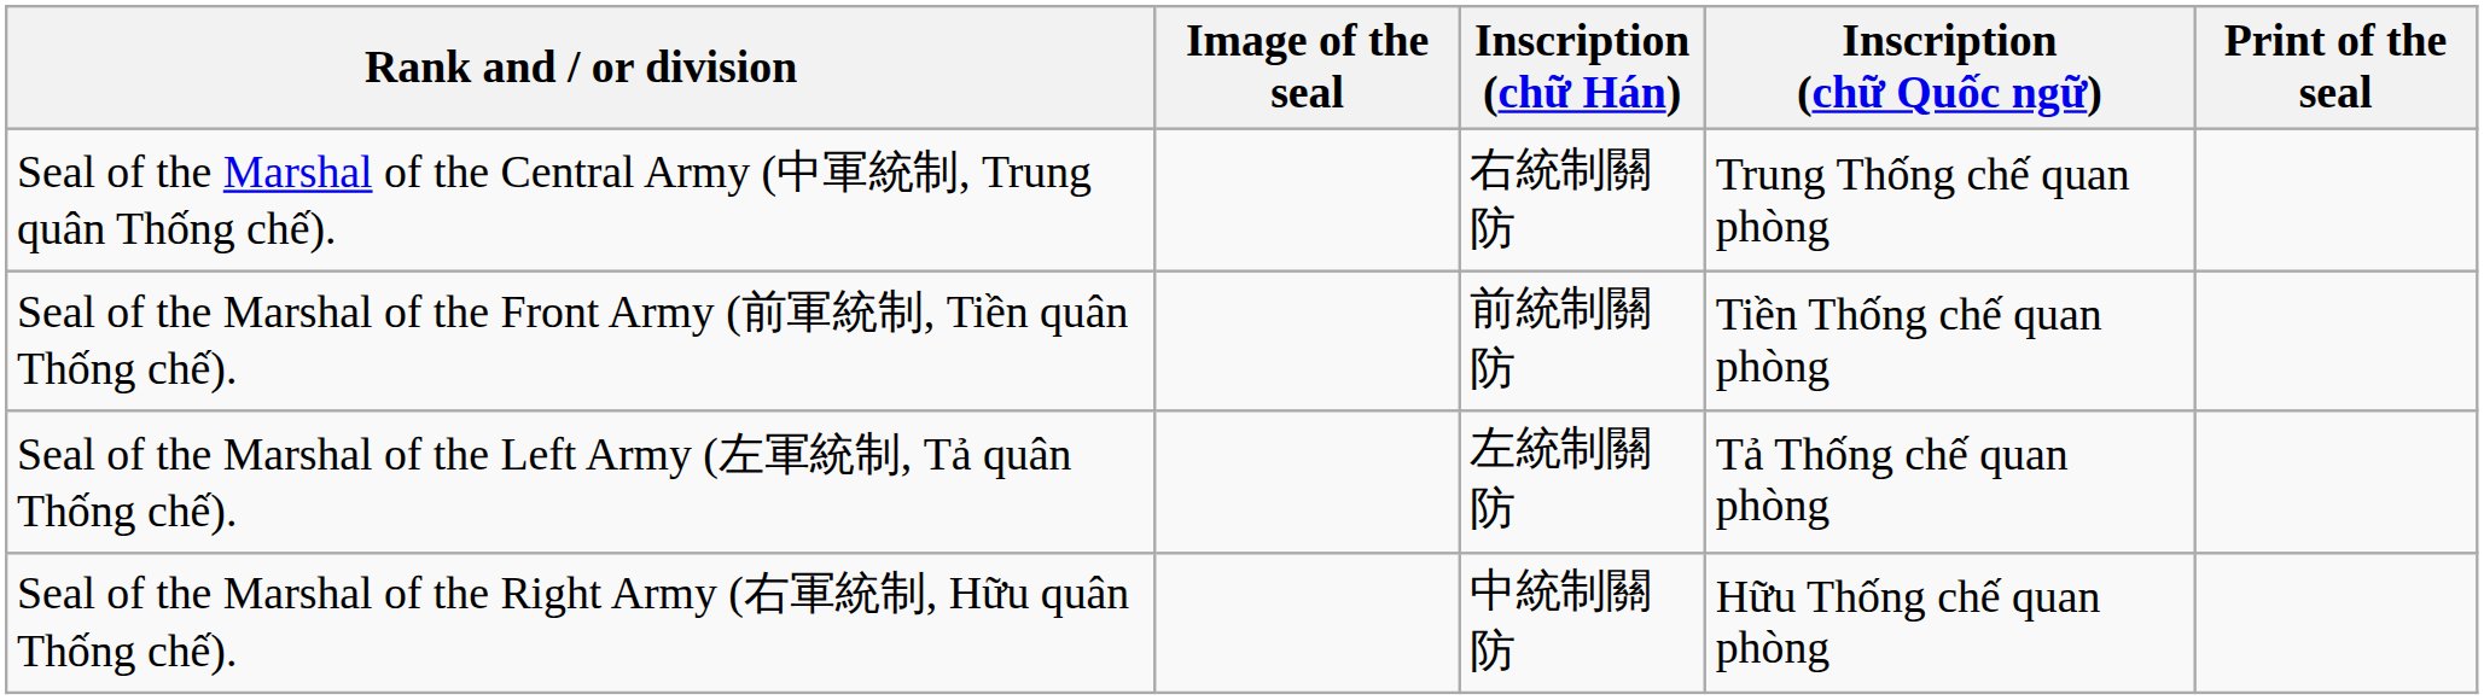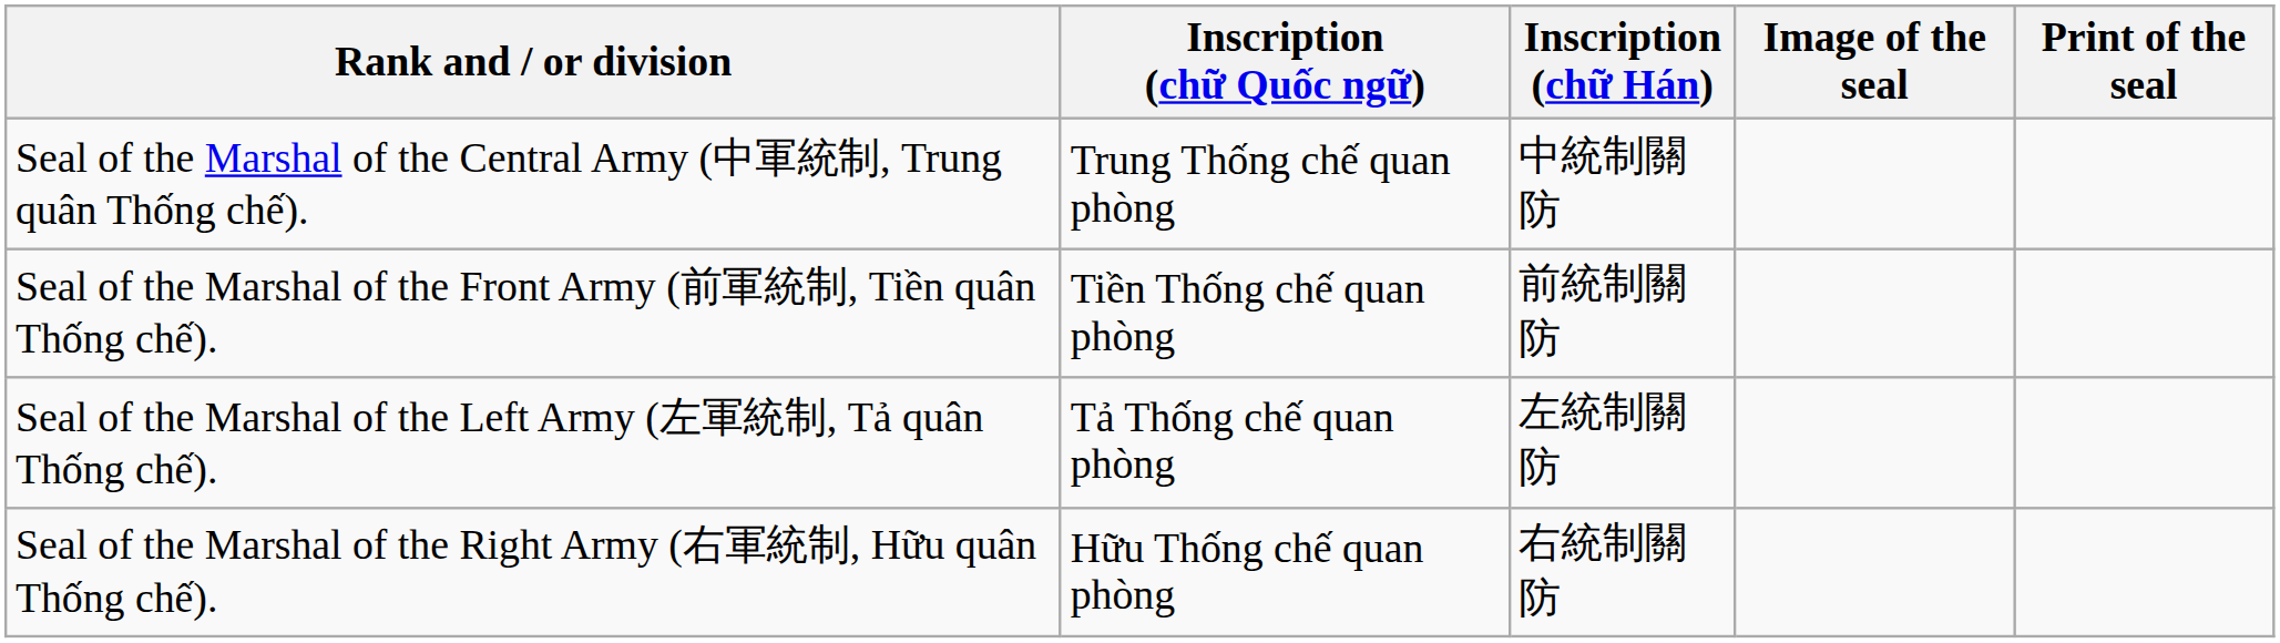 <table class="wikitable">
 <tr>
 <th>Rank and / or division</th>
+<th>Inscription<br>(<a href='#'>chữ Quốc ngữ</a>)</th>
+<th>Inscription<br>(<a href='#'>chữ Hán</a>)</th>
 <th>Image of the seal</th>
-<th>Inscription<br>(<a href='#'>chữ Hán</a>)</th>
-<th>Inscription<br>(<a href='#'>chữ Quốc ngữ</a>)</th>
 <th>Print of the seal</th>
 </tr>
 <tr>
 <td>Seal of the <a href='#'>Marshal</a> of the Central Army (中軍統制, Trung quân Thống chế).</td>
+<td>Trung Thống chế quan phòng</td>
+<td>中統制關防</td>
 <td></td>
-<td>右統制關防</td>
-<td>Trung Thống chế quan phòng</td>
 <td></td>
 </tr>
 <tr>
 <td>Seal of the Marshal of the Front Army (前軍統制, Tiền quân Thống chế).</td>
+<td>Tiền Thống chế quan phòng</td>
+<td>前統制關防</td>
 <td></td>
-<td>前統制關防</td>
-<td>Tiền Thống chế quan phòng</td>
 <td></td>
 </tr>
 <tr>
 <td>Seal of the Marshal of the Left Army (左軍統制, Tả quân Thống chế).</td>
+<td>Tả Thống chế quan phòng</td>
+<td>左統制關防</td>
 <td></td>
-<td>左統制關防</td>
-<td>Tả Thống chế quan phòng</td>
 <td></td>
 </tr>
 <tr>
 <td>Seal of the Marshal of the Right Army (右軍統制, Hữu quân Thống chế).</td>
+<td>Hữu Thống chế quan phòng</td>
+<td>右統制關防</td>
 <td></td>
-<td>中統制關防</td>
-<td>Hữu Thống chế quan phòng</td>
 <td></td>
 </tr>
 </table>
